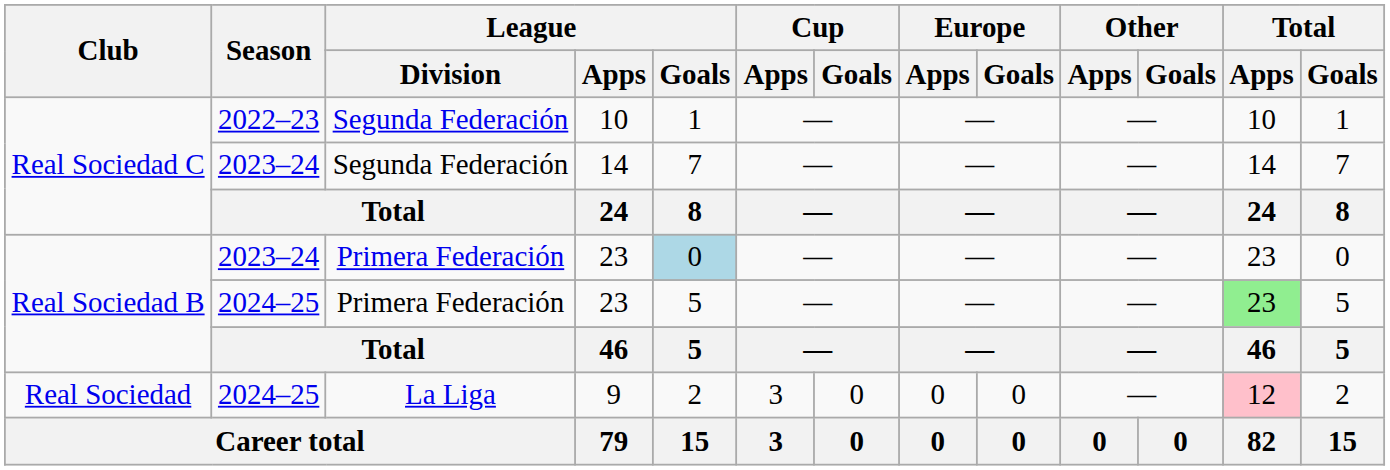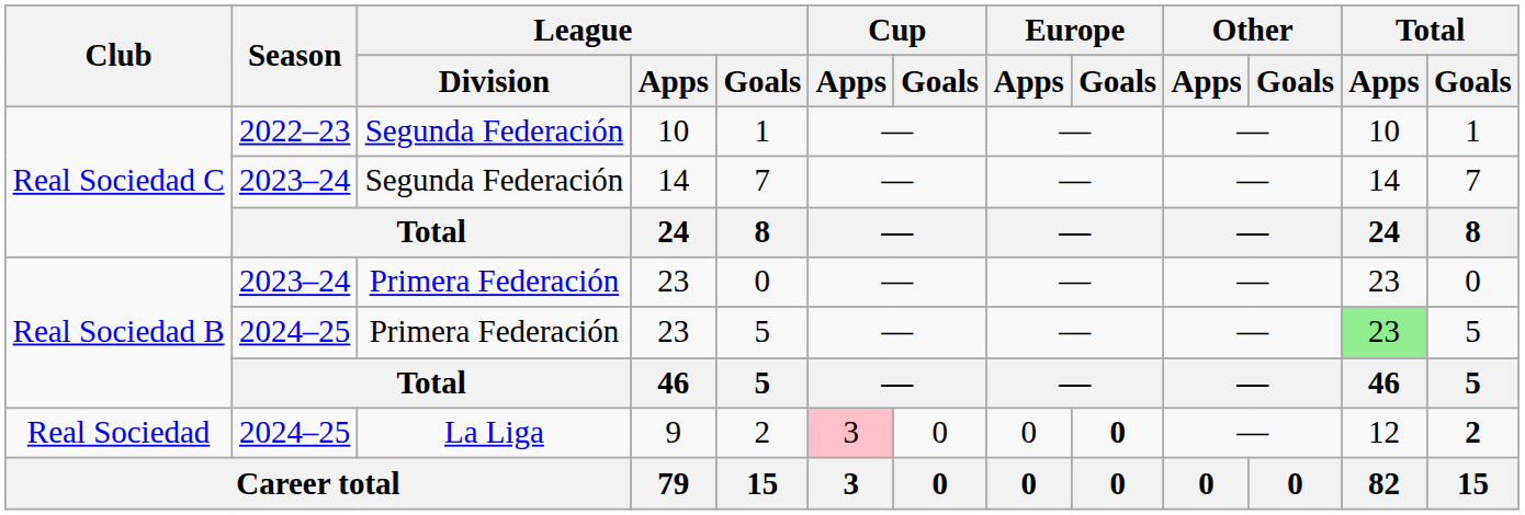 <table class="wikitable" style="text-align:center">
 <tr>
 <th rowspan="2">Club</th>
 <th rowspan="2">Season</th>
 <th colspan="3">League</th>
 <th colspan="2">Cup</th>
 <th colspan="2">Europe</th>
 <th colspan="2">Other</th>
 <th colspan="2">Total</th>
 </tr>
 <tr>
 <th>Division</th>
 <th>Apps</th>
 <th>Goals</th>
 <th>Apps</th>
 <th>Goals</th>
 <th>Apps</th>
 <th>Goals</th>
 <th>Apps</th>
 <th>Goals</th>
 <th>Apps</th>
 <th>Goals</th>
 </tr>
 <tr>
 <td rowspan="3"><a href='#'>Real Sociedad C</a></td>
 <td><a href='#'>2022–23</a></td>
 <td><a href='#'>Segunda Federación</a></td>
 <td>10</td>
 <td>1</td>
 <td colspan="2">—</td>
 <td colspan="2">—</td>
 <td colspan="2">—</td>
 <td>10</td>
 <td>1</td>
 </tr>
 <tr>
 <td><a href='#'>2023–24</a></td>
 <td>Segunda Federación</td>
 <td>14</td>
 <td>7</td>
 <td colspan="2">—</td>
 <td colspan="2">—</td>
 <td colspan="2">—</td>
 <td>14</td>
 <td>7</td>
 </tr>
 <tr>
 <th colspan="2">Total</th>
 <th>24</th>
 <th>8</th>
 <th colspan="2">—</th>
 <th colspan="2">—</th>
 <th colspan="2">—</th>
 <th>24</th>
 <th>8</th>
 </tr>
 <tr>
 <td rowspan="3"><a href='#'>Real Sociedad B</a></td>
 <td><a href='#'>2023–24</a></td>
 <td><a href='#'>Primera Federación</a></td>
 <td>23</td>
-<td style="background: lightblue;">0</td>
+<td>0</td>
 <td colspan="2">—</td>
 <td colspan="2">—</td>
 <td colspan="2">—</td>
 <td>23</td>
 <td>0</td>
 </tr>
 <tr>
 <td><a href='#'>2024–25</a></td>
 <td>Primera Federación</td>
 <td>23</td>
 <td>5</td>
 <td colspan="2">—</td>
 <td colspan="2">—</td>
 <td colspan="2">—</td>
 <td style="background: lightgreen;">23</td>
 <td>5</td>
 </tr>
 <tr>
 <th colspan="2">Total</th>
 <th>46</th>
 <th>5</th>
 <th colspan="2">—</th>
 <th colspan="2">—</th>
 <th colspan="2">—</th>
 <th>46</th>
 <th>5</th>
 </tr>
 <tr>
 <td><a href='#'>Real Sociedad</a></td>
 <td><a href='#'>2024–25</a></td>
 <td><a href='#'>La Liga</a></td>
 <td>9</td>
 <td>2</td>
-<td>3</td>
+<td style="background: pink;">3</td>
 <td>0</td>
 <td>0</td>
-<td>0</td>
+<td><strong>0</strong></td>
 <td colspan="2">—</td>
-<td style="background: pink;">12</td>
-<td>2</td>
+<td>12</td>
+<td><strong>2</strong></td>
 </tr>
 <tr>
 <th colspan="3">Career total</th>
 <th>79</th>
 <th>15</th>
 <th>3</th>
 <th>0</th>
 <th>0</th>
 <th>0</th>
 <th>0</th>
 <th>0</th>
 <th>82</th>
 <th>15</th>
 </tr>
 </table>
